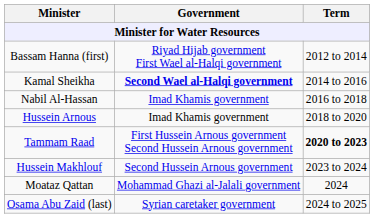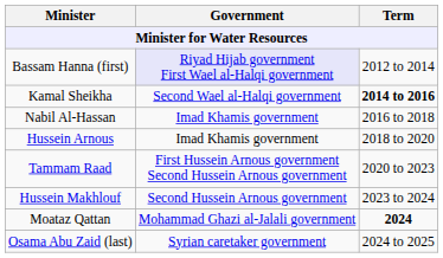 <table class="wikitable" style="text-align:center;">
 <tr>
 <th>Minister</th>
 <th>Government</th>
 <th>Term</th>
 </tr>
 <tr>
 <th style="background:#EEEEFF" colspan="6">Minister for Water Resources</th>
 </tr>
 <tr>
 <td>Bassam Hanna (first)</td>
-<td><a href='#'>Riyad Hijab government</a><br><a href='#'>First Wael al-Halqi government</a></td>
+<td style="background: lavender;"><a href='#'>Riyad Hijab government</a><br><a href='#'>First Wael al-Halqi government</a></td>
 <td>2012 to 2014</td>
 </tr>
 <tr>
 <td>Kamal Sheikha</td>
-<td><strong><a href='#'>Second Wael al-Halqi government</a></strong></td>
-<td>2014 to 2016</td>
+<td><a href='#'>Second Wael al-Halqi government</a></td>
+<td><strong>2014 to 2016</strong></td>
 </tr>
 <tr>
 <td>Nabil Al-Hassan</td>
 <td><a href='#'>Imad Khamis government</a></td>
 <td>2016 to 2018</td>
 </tr>
 <tr>
 <td><a href='#'>Hussein Arnous</a></td>
 <td>Imad Khamis government</td>
 <td>2018 to 2020</td>
 </tr>
 <tr>
 <td><a href='#'>Tammam Raad</a></td>
 <td><a href='#'>First Hussein Arnous government</a><br><a href='#'>Second Hussein Arnous government</a></td>
-<td><strong>2020 to 2023</strong></td>
+<td>2020 to 2023</td>
 </tr>
 <tr>
 <td><a href='#'>Hussein Makhlouf</a></td>
 <td><a href='#'>Second Hussein Arnous government</a></td>
 <td>2023 to 2024</td>
 </tr>
 <tr>
 <td>Moataz Qattan</td>
 <td><a href='#'>Mohammad Ghazi al-Jalali government</a></td>
-<td>2024</td>
+<td><strong>2024</strong></td>
 </tr>
 <tr>
 <td><a href='#'>Osama Abu Zaid</a> (last)</td>
 <td><a href='#'>Syrian caretaker government</a></td>
 <td>2024 to 2025</td>
 </tr>
 </table>
